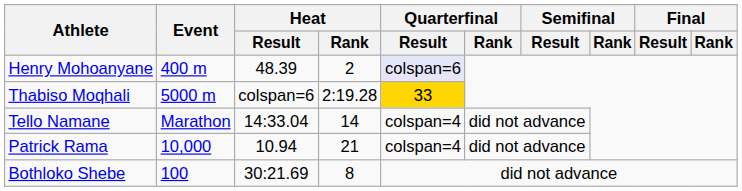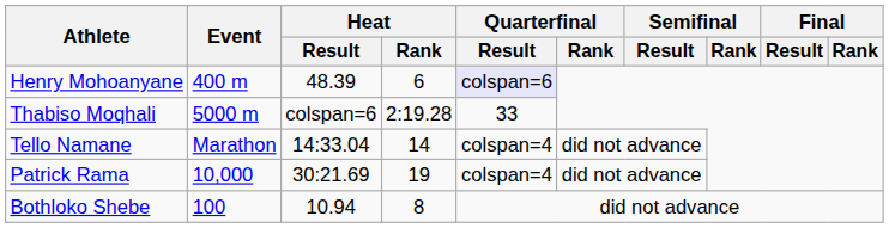 <table class="wikitable" style="font-size:90%">
 <tr>
 <th rowspan="2">Athlete</th>
 <th rowspan="2">Event</th>
 <th colspan="2">Heat</th>
 <th colspan="2">Quarterfinal</th>
 <th colspan="2">Semifinal</th>
 <th colspan="2">Final</th>
 </tr>
 <tr style="font-size:95%">
 <th>Result</th>
 <th>Rank</th>
 <th>Result</th>
 <th>Rank</th>
 <th>Result</th>
 <th>Rank</th>
 <th>Result</th>
 <th>Rank</th>
 </tr>
 <tr align=center>
 <td align=left><a href='#'>Henry Mohoanyane</a></td>
 <td align=left><a href='#'>400 m</a></td>
 <td>48.39</td>
-<td>2</td>
+<td>6</td>
 <td style="background: lavender;">colspan=6 </td>
 </tr>
 <tr align=center>
 <td align=left><a href='#'>Thabiso Moqhali</a></td>
 <td align=left><a href='#'>5000 m</a></td>
 <td>colspan=6 </td>
 <td>2:19.28</td>
-<td style="background: gold;">33</td>
+<td>33</td>
 </tr>
 <tr align=center>
 <td align=left><a href='#'>Tello Namane</a></td>
 <td align=left><a href='#'>Marathon</a></td>
 <td>14:33.04</td>
 <td>14</td>
 <td>colspan=4 </td>
 <td colspan=2>did not advance</td>
 </tr>
 <tr align=center>
 <td style="text-align:left;"><a href='#'>Patrick Rama</a></td>
 <td align=left><a href='#'>10,000</a></td>
-<td>10.94</td>
-<td>21</td>
+<td>30:21.69</td>
+<td>19</td>
 <td>colspan=4 </td>
 <td colspan=2>did not advance</td>
 </tr>
 <tr align=center>
 <td style="text-align:left;"><a href='#'>Bothloko Shebe</a></td>
 <td align=left><a href='#'>100</a></td>
-<td>30:21.69</td>
+<td>10.94</td>
 <td>8</td>
 <td colspan=6>did not advance</td>
 </tr>
 </table>
